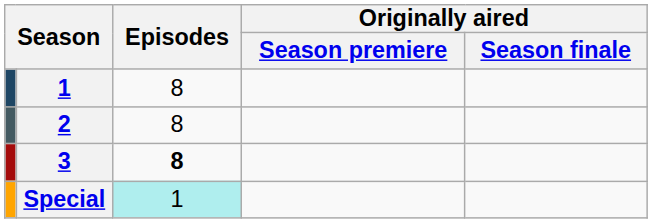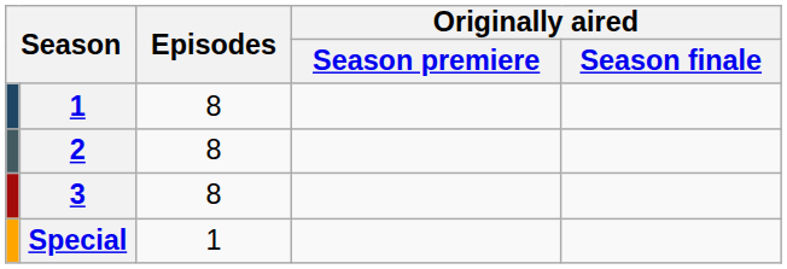 <table class="wikitable plainrowheaders" style="text-align: center;">
 <tr>
 <th scope="col" style="padding:0px 8px;" rowspan="2" colspan="2">Season</th>
 <th scope="col" style="padding:0px 8px;" rowspan="2">Episodes</th>
 <th scope="col" style="padding:0px 80px;" colspan="2">Originally aired</th>
 </tr>
 <tr>
 <th scope="col"><a href='#'>Season premiere</a></th>
 <th scope="col"><a href='#'>Season finale</a></th>
 </tr>
 <tr>
 <td scope="row" style="background-color:#1E4664;"></td>
 <th><strong><a href='#'>1</a></strong></th>
 <td>8</td>
 <td></td>
 <td></td>
 </tr>
 <tr>
 <td scope="row" style="background-color:#435A61;"></td>
 <th><strong><a href='#'>2</a></strong></th>
 <td>8</td>
 <td></td>
 <td></td>
 </tr>
 <tr>
 <td scope="row" style="background-color:#A40B0B;"></td>
 <th><strong><a href='#'>3</a></strong></th>
-<td><strong>8</strong></td>
+<td>8</td>
 <td></td>
 <td></td>
 </tr>
 <tr>
 <td scope="row" style="background-color:#FFA500;"></td>
 <th><strong><a href='#'>Special</a></strong></th>
-<td style="background: paleturquoise;">1</td>
+<td>1</td>
 <td></td>
 </tr>
 </table>
